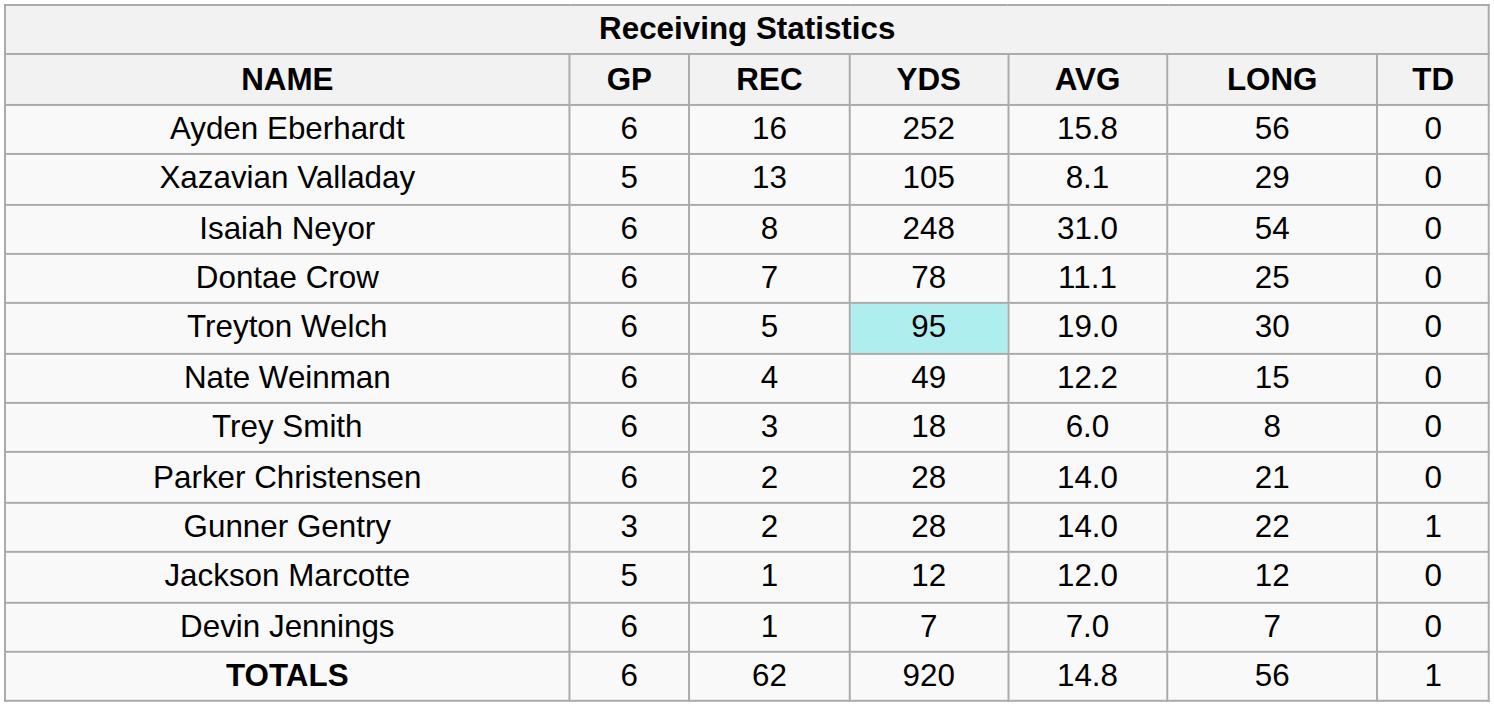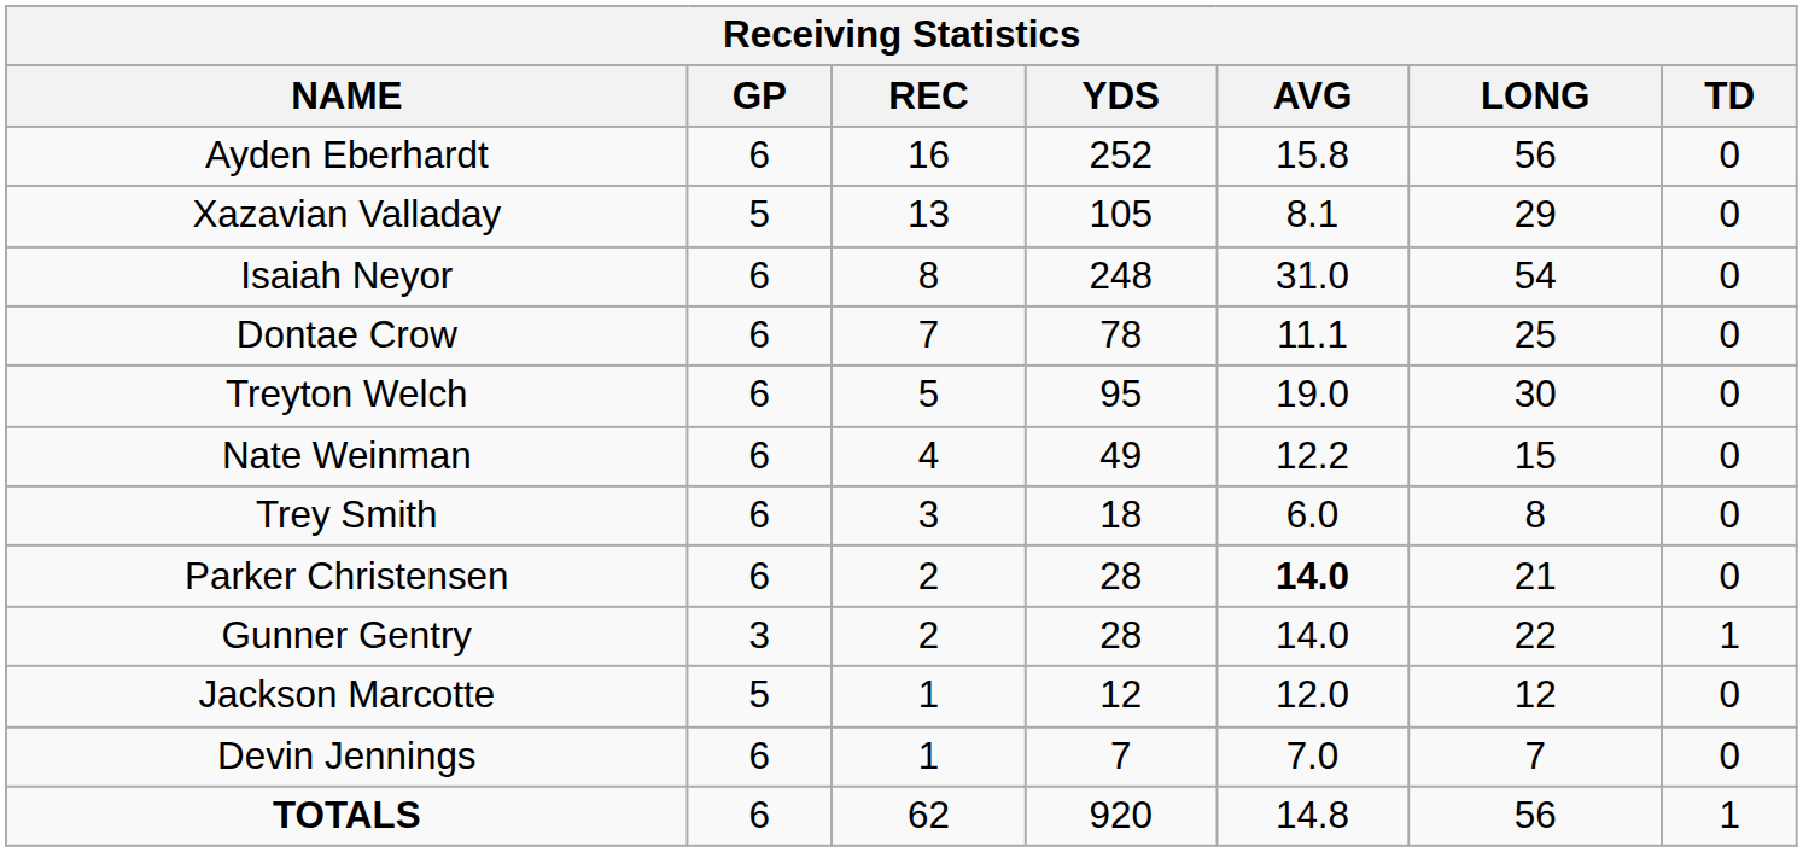 <table style="width:60%; text-align:center;" class="wikitable collapsible collapsed">
 <tr>
 <th colspan="7">Receiving Statistics</th>
 </tr>
 <tr>
 <th>NAME</th>
 <th>GP</th>
 <th>REC</th>
 <th>YDS</th>
 <th>AVG</th>
 <th>LONG</th>
 <th>TD</th>
 </tr>
 <tr>
 <td>Ayden Eberhardt</td>
 <td>6</td>
 <td>16</td>
 <td>252</td>
 <td>15.8</td>
 <td>56</td>
 <td>0</td>
 </tr>
 <tr>
 <td>Xazavian Valladay</td>
 <td>5</td>
 <td>13</td>
 <td>105</td>
 <td>8.1</td>
 <td>29</td>
 <td>0</td>
 </tr>
 <tr>
 <td>Isaiah Neyor</td>
 <td>6</td>
 <td>8</td>
 <td>248</td>
 <td>31.0</td>
 <td>54</td>
 <td>0</td>
 </tr>
 <tr>
 <td>Dontae Crow</td>
 <td>6</td>
 <td>7</td>
 <td>78</td>
 <td>11.1</td>
 <td>25</td>
 <td>0</td>
 </tr>
 <tr>
 <td>Treyton Welch</td>
 <td>6</td>
 <td>5</td>
-<td style="background: paleturquoise;">95</td>
+<td>95</td>
 <td>19.0</td>
 <td>30</td>
 <td>0</td>
 </tr>
 <tr>
 <td>Nate Weinman</td>
 <td>6</td>
 <td>4</td>
 <td>49</td>
 <td>12.2</td>
 <td>15</td>
 <td>0</td>
 </tr>
 <tr>
 <td>Trey Smith</td>
 <td>6</td>
 <td>3</td>
 <td>18</td>
 <td>6.0</td>
 <td>8</td>
 <td>0</td>
 </tr>
 <tr>
 <td>Parker Christensen</td>
 <td>6</td>
 <td>2</td>
 <td>28</td>
-<td>14.0</td>
+<td><strong>14.0</strong></td>
 <td>21</td>
 <td>0</td>
 </tr>
 <tr>
 <td>Gunner Gentry</td>
 <td>3</td>
 <td>2</td>
 <td>28</td>
 <td>14.0</td>
 <td>22</td>
 <td>1</td>
 </tr>
 <tr>
 <td>Jackson Marcotte</td>
 <td>5</td>
 <td>1</td>
 <td>12</td>
 <td>12.0</td>
 <td>12</td>
 <td>0</td>
 </tr>
 <tr>
 <td>Devin Jennings</td>
 <td>6</td>
 <td>1</td>
 <td>7</td>
 <td>7.0</td>
 <td>7</td>
 <td>0</td>
 </tr>
 <tr>
 <td><strong>TOTALS</strong></td>
 <td>6</td>
 <td>62</td>
 <td>920</td>
 <td>14.8</td>
 <td>56</td>
 <td>1</td>
 </tr>
 </table>
